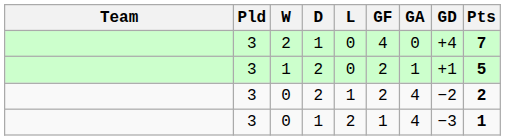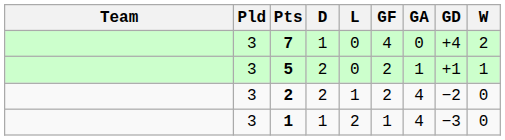 <table class="wikitable" style="text-align:center;">
 <tr>
 <th width=180>Team</th>
 <th width=20>Pld</th>
-<th width=20>W</th>
+<th width=20>Pts</th>
 <th width=20>D</th>
 <th width=20>L</th>
 <th width=20>GF</th>
 <th width=20>GA</th>
 <th width=20>GD</th>
-<th width=20>Pts</th>
+<th width=20>W</th>
 </tr>
 <tr bgcolor="ccffcc">
 <td align="left"></td>
 <td>3</td>
-<td>2</td>
+<td><strong>7</strong></td>
 <td>1</td>
 <td>0</td>
 <td>4</td>
 <td>0</td>
 <td>+4</td>
-<td><strong>7</strong></td>
+<td>2</td>
 </tr>
 <tr bgcolor="ccffcc">
 <td align="left"></td>
 <td>3</td>
-<td>1</td>
+<td><strong>5</strong></td>
 <td>2</td>
 <td>0</td>
 <td>2</td>
 <td>1</td>
 <td>+1</td>
-<td><strong>5</strong></td>
+<td>1</td>
 </tr>
 <tr>
 <td align="left"></td>
 <td>3</td>
-<td>0</td>
+<td><strong>2</strong></td>
 <td>2</td>
 <td>1</td>
 <td>2</td>
 <td>4</td>
 <td>−2</td>
-<td><strong>2</strong></td>
+<td>0</td>
 </tr>
 <tr>
 <td align="left"></td>
 <td>3</td>
-<td>0</td>
+<td><strong>1</strong></td>
 <td>1</td>
 <td>2</td>
 <td>1</td>
 <td>4</td>
 <td>−3</td>
-<td><strong>1</strong></td>
+<td>0</td>
 </tr>
 </table>
